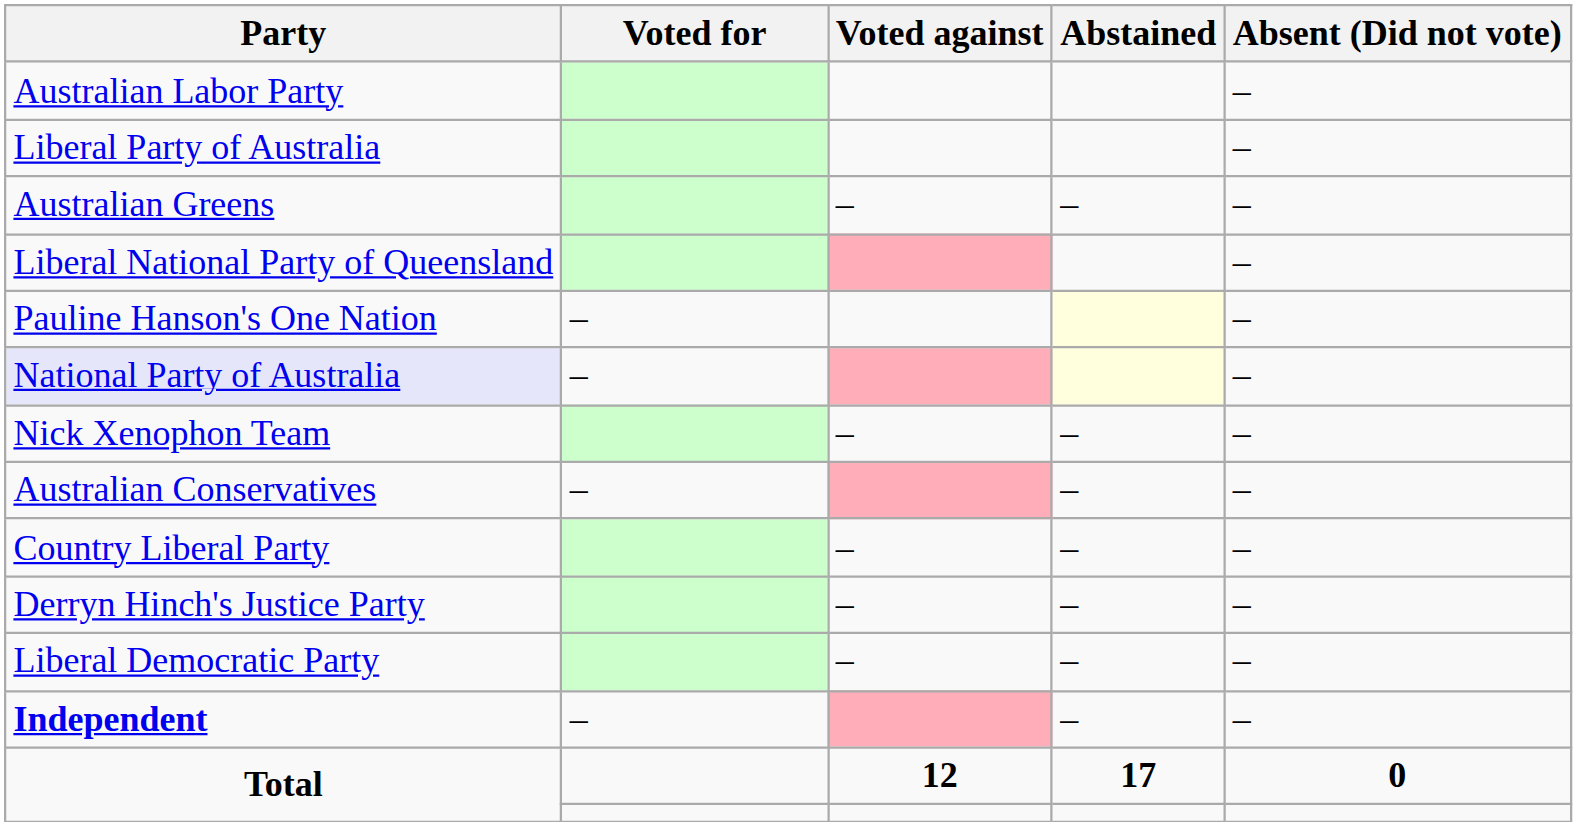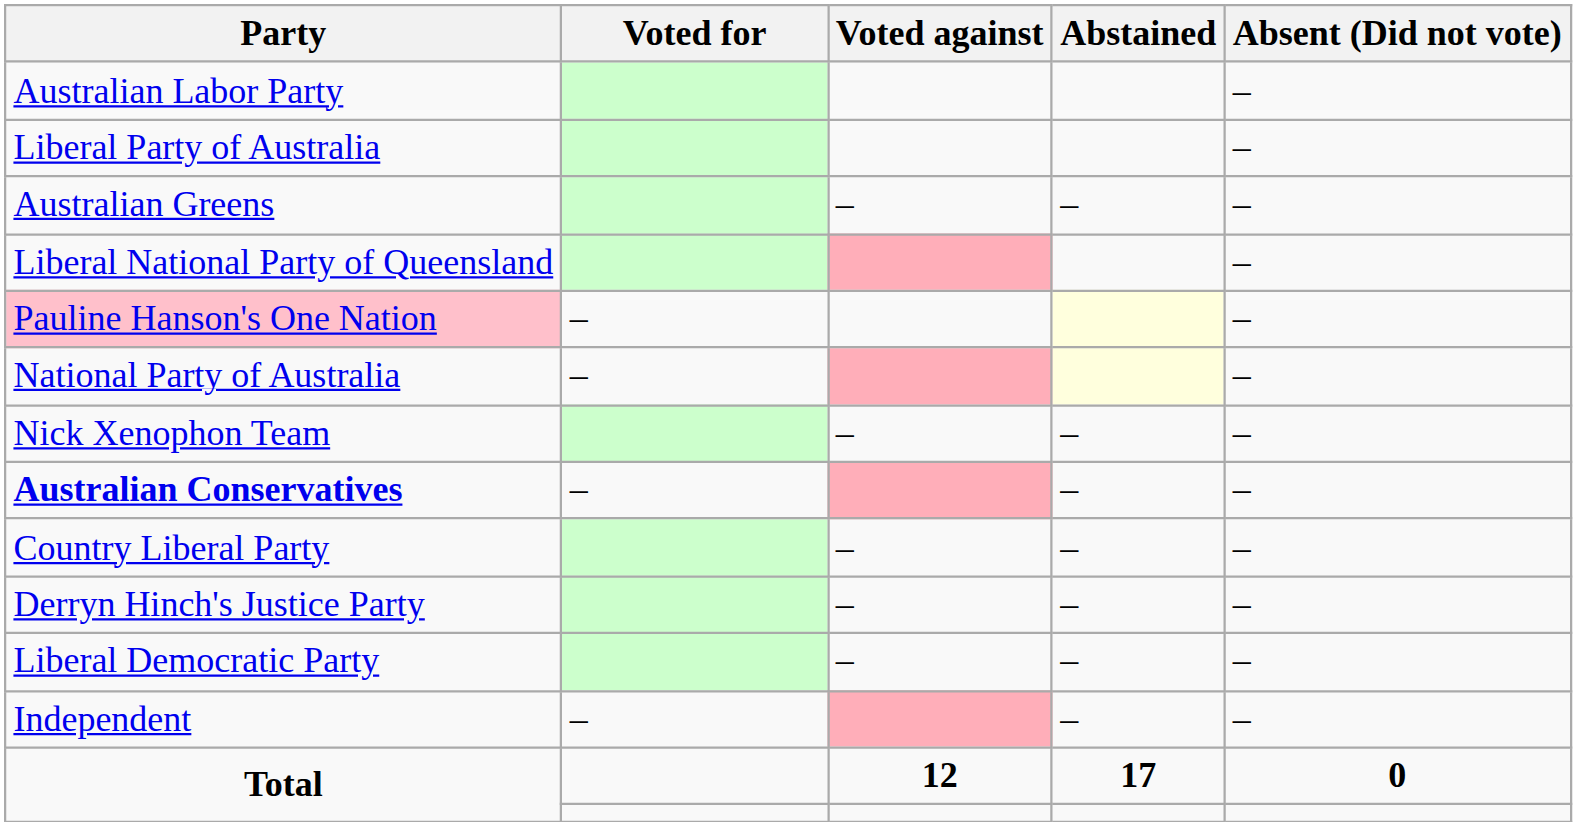 <table class="wikitable">
 <tr>
 <th>Party</th>
 <th style="width:17%;">Voted for</th>
 <th>Voted against</th>
 <th>Abstained</th>
 <th>Absent (Did not vote)</th>
 </tr>
 <tr>
 <td> <a href='#'>Australian Labor Party</a></td>
 <td style="background-color:#CCFFCC;"></td>
 <td></td>
 <td></td>
 <td>–</td>
 </tr>
 <tr>
 <td> <a href='#'>Liberal Party of Australia</a></td>
 <td style="background-color:#CCFFCC;"></td>
 <td></td>
 <td></td>
 <td>–</td>
 </tr>
 <tr>
 <td> <a href='#'>Australian Greens</a></td>
 <td style="background-color:#CCFFCC;"></td>
 <td>–</td>
 <td>–</td>
 <td>–</td>
 </tr>
 <tr>
 <td> <a href='#'>Liberal National Party of Queensland</a></td>
 <td style="background-color:#CCFFCC;"></td>
 <td style="background-color:#FFAEB9;"></td>
 <td></td>
 <td>–</td>
 </tr>
 <tr>
-<td> <a href='#'>Pauline Hanson's One Nation</a></td>
+<td style="background: pink;"> <a href='#'>Pauline Hanson's One Nation</a></td>
 <td>–</td>
 <td></td>
 <td style="background-color:#FFD;"></td>
 <td>–</td>
 </tr>
 <tr>
-<td style="background: lavender;"> <a href='#'>National Party of Australia</a></td>
+<td> <a href='#'>National Party of Australia</a></td>
 <td>–</td>
 <td style="background-color:#FFAEB9;"></td>
 <td style="background-color:#FFD;"></td>
 <td>–</td>
 </tr>
 <tr>
 <td> <a href='#'>Nick Xenophon Team</a></td>
 <td style="background-color:#CCFFCC;"></td>
 <td>–</td>
 <td>–</td>
 <td>–</td>
 </tr>
 <tr>
-<td> <a href='#'>Australian Conservatives</a></td>
+<td><strong> <a href='#'>Australian Conservatives</a></strong></td>
 <td>–</td>
 <td style="background-color:#FFAEB9;"></td>
 <td>–</td>
 <td>–</td>
 </tr>
 <tr>
 <td> <a href='#'>Country Liberal Party</a></td>
 <td style="background-color:#CCFFCC;"></td>
 <td>–</td>
 <td>–</td>
 <td>–</td>
 </tr>
 <tr>
 <td> <a href='#'>Derryn Hinch's Justice Party</a></td>
 <td style="background-color:#CCFFCC;"></td>
 <td>–</td>
 <td>–</td>
 <td>–</td>
 </tr>
 <tr>
 <td> <a href='#'>Liberal Democratic Party</a></td>
 <td style="background-color:#CCFFCC;"></td>
 <td>–</td>
 <td>–</td>
 <td>–</td>
 </tr>
 <tr>
-<td><strong> <a href='#'>Independent</a></strong></td>
+<td> <a href='#'>Independent</a></td>
 <td>–</td>
 <td style="background-color:#FFAEB9;"></td>
 <td>–</td>
 <td>–</td>
 </tr>
 <tr>
 <td style="text-align:center;" rowspan="2"><strong>Total</strong></td>
 <td></td>
 <td style="text-align:center;"><strong>12</strong></td>
 <td style="text-align:center;"><strong>17</strong></td>
 <td style="text-align:center;"><strong>0</strong></td>
 </tr>
 <tr>
 <td style="text-align:center;"></td>
 <td style="text-align:center;"></td>
 <td style="text-align:center;"></td>
 <td style="text-align:center;"></td>
 </tr>
 </table>
